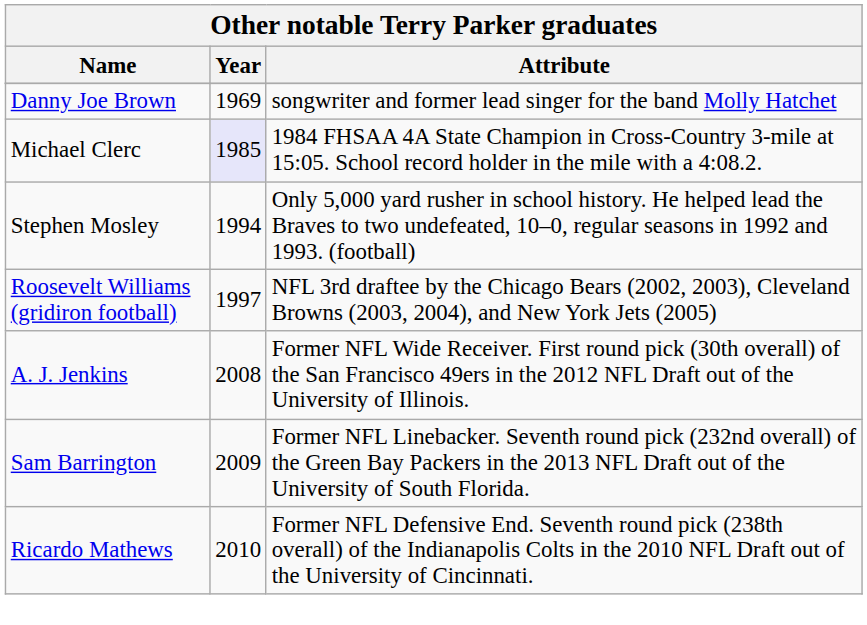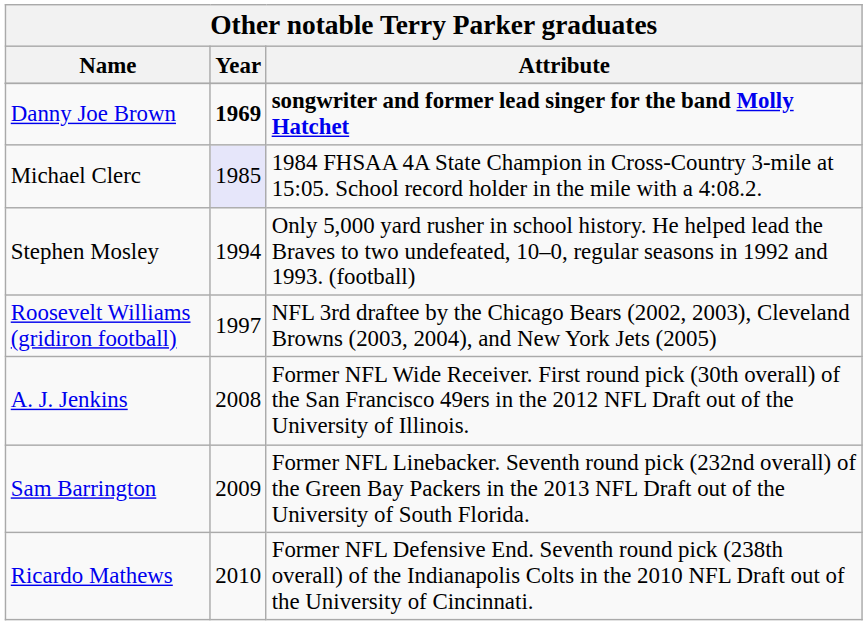 <table class="wikitable collapsible collapsed" style="margin:1em auto;" width=600px>
 <tr>
 <th colspan=7 align=center bgcolor="F0DC82"><big><strong>Other notable Terry Parker graduates</strong></big></th>
 </tr>
 <tr>
 <th>Name</th>
 <th>Year</th>
 <th>Attribute</th>
 </tr>
 <tr>
 </tr>
 <tr>
 <td><a href='#'>Danny Joe Brown</a></td>
-<td>1969</td>
-<td>songwriter and former lead singer for the band <a href='#'>Molly Hatchet</a></td>
+<td><strong>1969</strong></td>
+<td><strong>songwriter and former lead singer for the band <a href='#'>Molly Hatchet</a></strong></td>
 </tr>
 <tr>
 <td>Michael Clerc</td>
 <td style="background: lavender;">1985</td>
 <td>1984 FHSAA 4A State Champion in Cross-Country 3-mile at 15:05. School record holder in the mile with a 4:08.2.</td>
 </tr>
 <tr>
 <td>Stephen Mosley</td>
 <td>1994</td>
 <td>Only 5,000 yard rusher in school history. He helped lead the Braves to two undefeated, 10–0, regular seasons in 1992 and 1993. (football)</td>
 </tr>
 <tr>
 <td><a href='#'>Roosevelt Williams (gridiron football)</a></td>
 <td>1997</td>
 <td>NFL 3rd draftee by the Chicago Bears (2002, 2003), Cleveland Browns (2003, 2004), and New York Jets (2005)</td>
 </tr>
 <tr>
 <td><a href='#'>A. J. Jenkins</a></td>
 <td>2008</td>
 <td>Former NFL Wide Receiver. First round pick (30th overall) of the San Francisco 49ers in the 2012 NFL Draft out of the University of Illinois.</td>
 </tr>
 <tr>
 <td><a href='#'>Sam Barrington</a></td>
 <td>2009</td>
 <td>Former NFL Linebacker. Seventh round pick (232nd overall) of the Green Bay Packers in the 2013 NFL Draft out of the University of South Florida.</td>
 </tr>
 <tr>
 <td><a href='#'>Ricardo Mathews</a></td>
 <td>2010</td>
 <td>Former NFL Defensive End. Seventh round pick (238th overall) of the Indianapolis Colts in the 2010 NFL Draft out of the University of Cincinnati.</td>
 </tr>
 </table>
